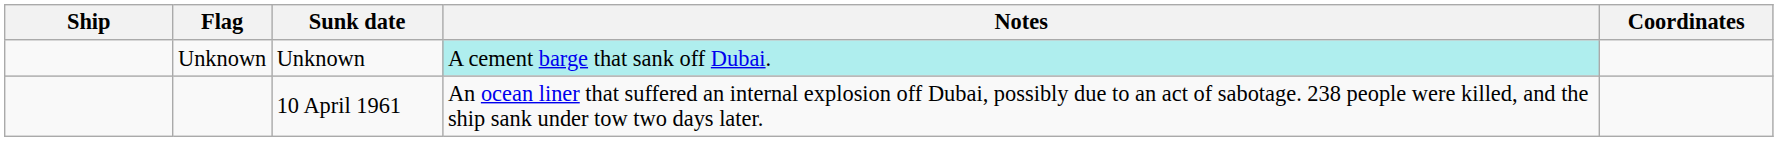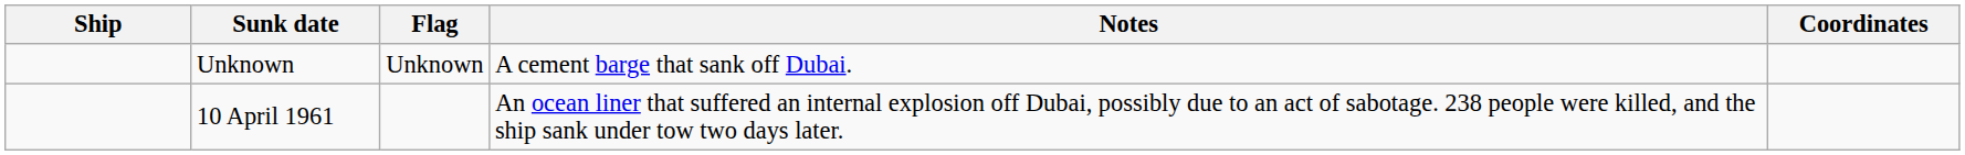 <table class=wikitable | style = "width:100%">
 <tr>
 <th style="width:10%">Ship</th>
+<th style="width:10%">Sunk date</th>
 <th>Flag</th>
-<th style="width:10%">Sunk date</th>
 <th style="width:70%">Notes</th>
 <th style="width:10%">Coordinates</th>
 </tr>
 <tr>
 <td></td>
 <td>Unknown</td>
 <td>Unknown</td>
-<td style="background: paleturquoise;">A cement <a href='#'>barge</a> that sank off <a href='#'>Dubai</a>.</td>
+<td>A cement <a href='#'>barge</a> that sank off <a href='#'>Dubai</a>.</td>
 <td></td>
 </tr>
 <tr>
 <td></td>
+<td>10 April 1961</td>
 <td></td>
-<td>10 April 1961</td>
 <td>An <a href='#'>ocean liner</a> that suffered an internal explosion off Dubai, possibly due to an act of sabotage. 238 people were killed, and the ship sank under tow two days later.</td>
 <td></td>
 </tr>
 </table>
